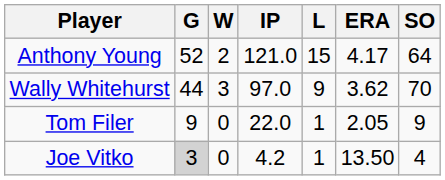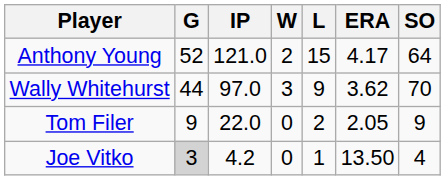 <table class="wikitable sortable">
 <tr>
 <th>Player</th>
 <th>G</th>
+<th>IP</th>
 <th>W</th>
-<th>IP</th>
 <th>L</th>
 <th>ERA</th>
 <th>SO</th>
 </tr>
 <tr align=center>
 <td><a href='#'>Anthony Young</a></td>
 <td>52</td>
+<td>121.0</td>
 <td>2</td>
-<td>121.0</td>
 <td>15</td>
 <td>4.17</td>
 <td>64</td>
 </tr>
 <tr align=center>
 <td><a href='#'>Wally Whitehurst</a></td>
 <td>44</td>
+<td>97.0</td>
 <td>3</td>
-<td>97.0</td>
 <td>9</td>
 <td>3.62</td>
 <td>70</td>
 </tr>
 <tr align=center>
 <td><a href='#'>Tom Filer</a></td>
 <td>9</td>
+<td>22.0</td>
 <td>0</td>
-<td>22.0</td>
-<td>1</td>
+<td>2</td>
 <td>2.05</td>
 <td>9</td>
 </tr>
 <tr align=center>
 <td><a href='#'>Joe Vitko</a></td>
 <td style="background: lightgrey;">3</td>
+<td>4.2</td>
 <td>0</td>
-<td>4.2</td>
 <td>1</td>
 <td>13.50</td>
 <td>4</td>
 </tr>
 </table>
